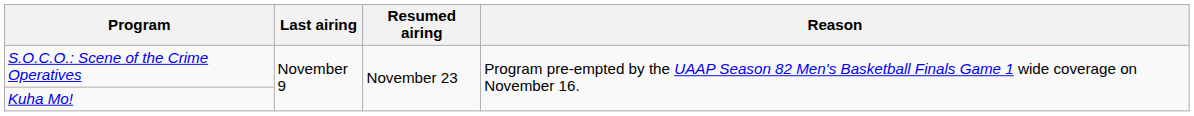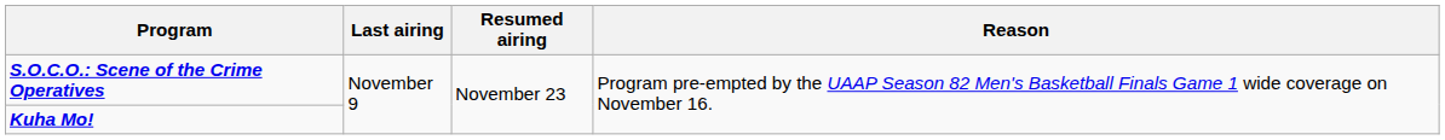 <table class="wikitable">
 <tr>
 <th>Program</th>
 <th>Last airing</th>
 <th>Resumed airing</th>
 <th>Reason</th>
 </tr>
 <tr>
-<td><em><a href='#'>S.O.C.O.: Scene of the Crime Operatives</a></em></td>
+<td><strong><em><a href='#'>S.O.C.O.: Scene of the Crime Operatives</a></em></strong></td>
 <td rowspan=2>November 9</td>
 <td rowspan=2>November 23</td>
 <td rowspan=2>Program pre-empted by the <em><a href='#'>UAAP Season 82 Men's Basketball Finals Game 1</a></em> wide coverage on November 16.</td>
 </tr>
 <tr>
-<td><em><a href='#'>Kuha Mo!</a></em></td>
+<td><strong><em><a href='#'>Kuha Mo!</a></em></strong></td>
 </tr>
 </table>
